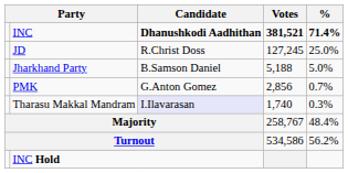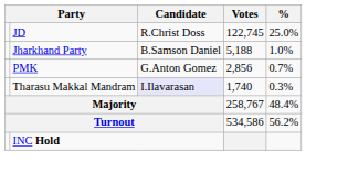 <table class="wikitable">
 <tr>
 <th colspan="2">Party</th>
 <th>Candidate</th>
 <th>Votes</th>
 <th>%</th>
 </tr>
 <tr>
 <td></td>
-<td><a href='#'>INC</a></td>
-<td><strong>Dhanushkodi Aadhithan</strong></td>
-<td><strong>381,521</strong></td>
-<td><strong>71.4%</strong></td>
-</tr>
-<tr>
-<td></td>
 <td><a href='#'>JD</a></td>
 <td>R.Christ Doss</td>
-<td>127,245</td>
+<td>122,745</td>
 <td>25.0%</td>
 </tr>
 <tr>
 <td></td>
 <td><a href='#'>Jharkhand Party</a></td>
 <td>B.Samson Daniel</td>
 <td>5,188</td>
-<td>5.0%</td>
+<td>1.0%</td>
 </tr>
 <tr>
 <td></td>
 <td><a href='#'>PMK</a></td>
 <td>G.Anton Gomez</td>
 <td>2,856</td>
 <td>0.7%</td>
 </tr>
 <tr>
 <td></td>
 <td>Tharasu Makkal Mandram</td>
 <td style="background: lavender;">I.Ilavarasan</td>
 <td>1,740</td>
 <td>0.3%</td>
 </tr>
 <tr>
 <th colspan="3">Majority</th>
 <td>258,767</td>
 <td>48.4%</td>
 </tr>
 <tr>
 <th colspan="3"><a href='#'>Turnout</a></th>
 <td>534,586</td>
 <td>56.2%</td>
 </tr>
 <tr>
 <td></td>
 <td colspan="2"><a href='#'>INC</a> <strong>Hold</strong></td>
 <th></th>
 <td></td>
 </tr>
 </table>
